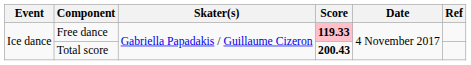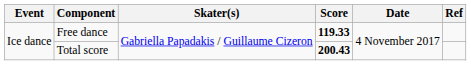 <table class="wikitable sortable">
 <tr>
 <th>Event</th>
 <th>Component</th>
 <th>Skater(s)</th>
 <th>Score</th>
 <th>Date</th>
 <th>Ref</th>
 </tr>
 <tr>
 <td rowspan=2>Ice dance</td>
 <td>Free dance</td>
 <td rowspan=2> <a href='#'>Gabriella Papadakis</a> / <a href='#'>Guillaume Cizeron</a></td>
-<td style="background: pink;"><strong>119.33</strong></td>
+<td><strong>119.33</strong></td>
 <td rowspan=2>4 November 2017</td>
 <td></td>
 </tr>
 <tr>
 <td>Total score</td>
 <td><strong>200.43</strong></td>
 <td></td>
 </tr>
 </table>
